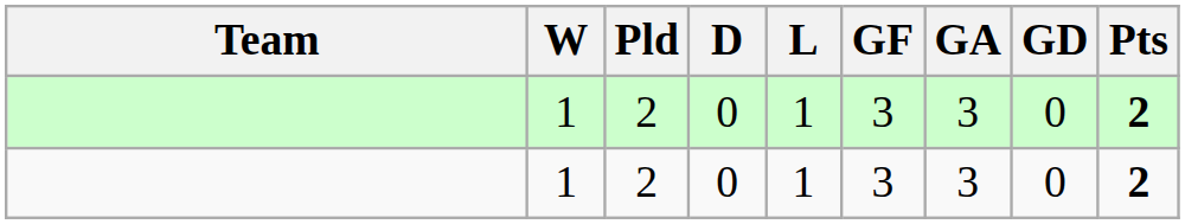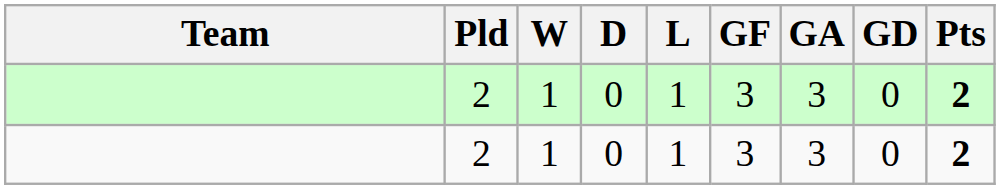 <table class="wikitable" style="text-align:center;">
 <tr>
 <th width=180>Team</th>
+<th width=20>Pld</th>
 <th width=20>W</th>
-<th width=20>Pld</th>
 <th width=20>D</th>
 <th width=20>L</th>
 <th width=20>GF</th>
 <th width=20>GA</th>
 <th width=20>GD</th>
 <th width=20>Pts</th>
 </tr>
 <tr style="background:#cfc;">
 <td align="left"></td>
+<td>2</td>
 <td>1</td>
-<td>2</td>
 <td>0</td>
 <td>1</td>
 <td>3</td>
 <td>3</td>
 <td>0</td>
 <td><strong>2</strong></td>
 </tr>
 <tr>
 <td align="left"></td>
+<td>2</td>
 <td>1</td>
-<td>2</td>
 <td>0</td>
 <td>1</td>
 <td>3</td>
 <td>3</td>
 <td>0</td>
 <td><strong>2</strong></td>
 </tr>
 </table>
